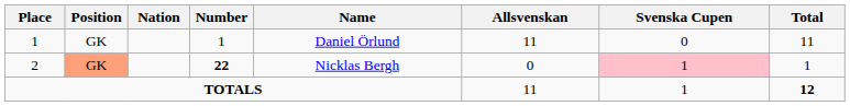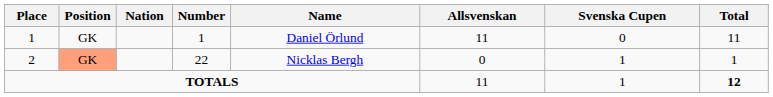 <table class="wikitable" style="font-size: 95%; text-align: center;">
 <tr>
 <th width=60>Place</th>
 <th width=60>Position</th>
 <th width=60>Nation</th>
 <th width=60>Number</th>
 <th width=250>Name</th>
 <th width=150>Allsvenskan</th>
 <th width=200>Svenska Cupen</th>
 <th width=80><strong>Total</strong></th>
 </tr>
 <tr>
 <td>1</td>
 <td>GK</td>
 <td></td>
 <td>1</td>
 <td><a href='#'>Daniel Örlund</a></td>
 <td>11</td>
 <td>0</td>
 <td>11</td>
 </tr>
 <tr>
 <td>2</td>
 <td style="background: lightsalmon;">GK</td>
 <td></td>
-<td><strong>22</strong></td>
+<td>22</td>
 <td><a href='#'>Nicklas Bergh</a></td>
 <td>0</td>
-<td style="background: pink;">1</td>
+<td>1</td>
 <td>1</td>
 </tr>
 <tr>
 <td colspan="5"><strong>TOTALS</strong></td>
 <td>11</td>
 <td>1</td>
 <td><strong>12</strong></td>
 </tr>
 </table>
